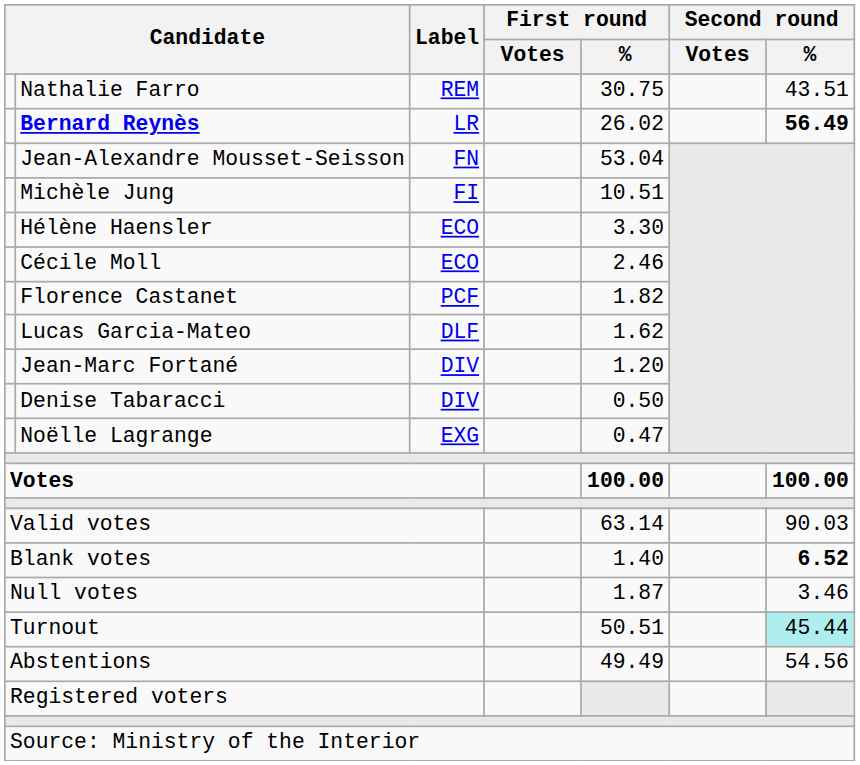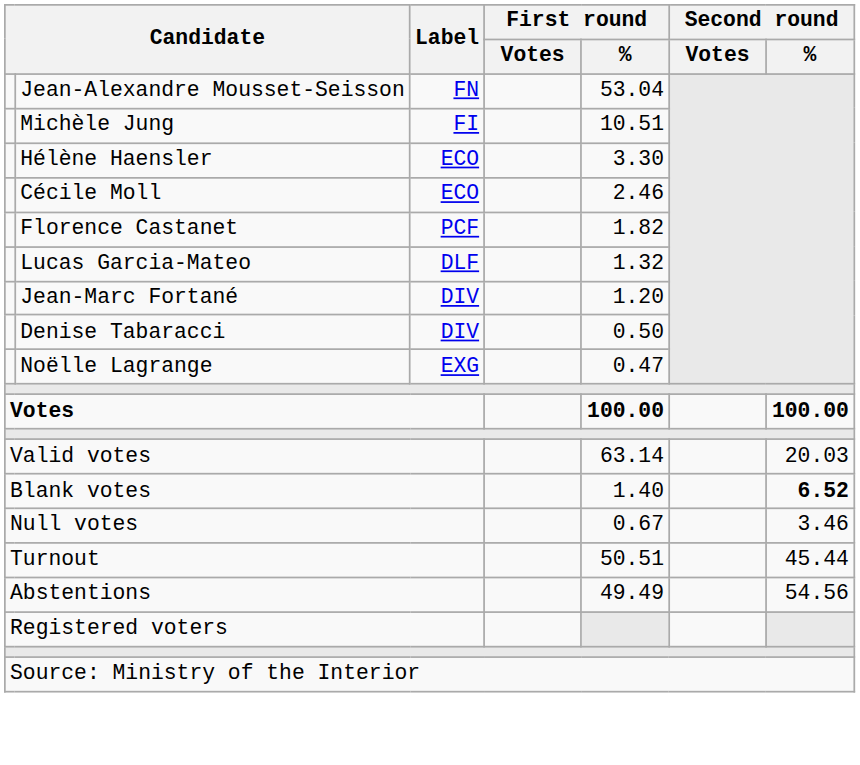 <table class="wikitable" style="text-align:right;font-size:95%;">
 <tr>
 <th rowspan="2" colspan="2">Candidate</th>
 <th rowspan="2">Label</th>
 <th colspan="2">First round</th>
 <th colspan="2">Second round</th>
 </tr>
 <tr>
 <th style="width:50px;">Votes</th>
 <th style="width:45px;">%</th>
 <th style="width:50px;">Votes</th>
 <th style="width:45px;">%</th>
-</tr>
-<tr>
-<td style="color:inherit;background:"></td>
-<td style="text-align:left;">Nathalie Farro</td>
-<td><a href='#'>REM</a></td>
-<td></td>
-<td>30.75</td>
-<td></td>
-<td>43.51</td>
-</tr>
-<tr>
-<td style="color:inherit;background:"></td>
-<td style="text-align:left;"><strong><a href='#'>Bernard Reynès</a></strong></td>
-<td><a href='#'>LR</a></td>
-<td></td>
-<td>26.02</td>
-<td><strong></strong></td>
-<td><strong>56.49</strong></td>
 </tr>
 <tr>
 <td style="color:inherit;background:"></td>
 <td style="text-align:left;">Jean-Alexandre Mousset-Seisson</td>
 <td><a href='#'>FN</a></td>
 <td></td>
 <td>53.04</td>
 <td colspan="2" rowspan="9" style="background:#E9E9E9;"></td>
 </tr>
 <tr>
 <td style="color:inherit;background:"></td>
 <td style="text-align:left;">Michèle Jung</td>
 <td><a href='#'>FI</a></td>
 <td></td>
 <td>10.51</td>
 </tr>
 <tr>
 <td style="color:inherit;background:"></td>
 <td style="text-align:left;">Hélène Haensler</td>
 <td><a href='#'>ECO</a></td>
 <td></td>
 <td>3.30</td>
 </tr>
 <tr>
 <td style="color:inherit;background:"></td>
 <td style="text-align:left;">Cécile Moll</td>
 <td><a href='#'>ECO</a></td>
 <td></td>
 <td>2.46</td>
 </tr>
 <tr>
 <td style="color:inherit;background:"></td>
 <td style="text-align:left;">Florence Castanet</td>
 <td><a href='#'>PCF</a></td>
 <td></td>
 <td>1.82</td>
 </tr>
 <tr>
 <td style="color:inherit;background:"></td>
 <td style="text-align:left;">Lucas Garcia-Mateo</td>
 <td><a href='#'>DLF</a></td>
 <td></td>
-<td>1.62</td>
+<td>1.32</td>
 </tr>
 <tr>
 <td style="color:inherit;background:"></td>
 <td style="text-align:left;">Jean-Marc Fortané</td>
 <td><a href='#'>DIV</a></td>
 <td></td>
 <td>1.20</td>
 </tr>
 <tr>
 <td style="color:inherit;background:"></td>
 <td style="text-align:left;">Denise Tabaracci</td>
 <td><a href='#'>DIV</a></td>
 <td></td>
 <td>0.50</td>
 </tr>
 <tr>
 <td style="color:inherit;background:"></td>
 <td style="text-align:left;">Noëlle Lagrange</td>
 <td><a href='#'>EXG</a></td>
 <td></td>
 <td>0.47</td>
 </tr>
 <tr>
 <td colspan="7" style="background:#E9E9E9;"></td>
 </tr>
 <tr style="font-weight:bold;">
 <td colspan="3" style="text-align:left;">Votes</td>
 <td></td>
 <td>100.00</td>
 <td></td>
 <td>100.00</td>
 </tr>
 <tr>
 <td colspan="7" style="background:#E9E9E9;"></td>
 </tr>
 <tr>
 <td colspan="3" style="text-align:left;">Valid votes</td>
 <td></td>
 <td>63.14</td>
 <td></td>
-<td>90.03</td>
+<td>20.03</td>
 </tr>
 <tr>
 <td colspan="3" style="text-align:left;">Blank votes</td>
 <td></td>
 <td>1.40</td>
 <td></td>
 <td><strong>6.52</strong></td>
 </tr>
 <tr>
 <td colspan="3" style="text-align:left;">Null votes</td>
 <td></td>
-<td>1.87</td>
+<td>0.67</td>
 <td></td>
 <td>3.46</td>
 </tr>
 <tr>
 <td colspan="3" style="text-align:left;">Turnout</td>
 <td></td>
 <td>50.51</td>
 <td></td>
-<td style="background: paleturquoise;">45.44</td>
+<td>45.44</td>
 </tr>
 <tr>
 <td colspan="3" style="text-align:left;">Abstentions</td>
 <td></td>
 <td>49.49</td>
 <td></td>
 <td>54.56</td>
 </tr>
 <tr>
 <td colspan="3" style="text-align:left;">Registered voters</td>
 <td></td>
 <td style="color:inherit;background:#E9E9E9;"></td>
 <td></td>
 <td style="color:inherit;background:#E9E9E9;"></td>
 </tr>
 <tr>
 <td colspan="7" style="background:#E9E9E9;"></td>
 </tr>
 <tr>
 <td colspan="7" style="text-align:left;">Source: Ministry of the Interior</td>
 </tr>
 </table>
